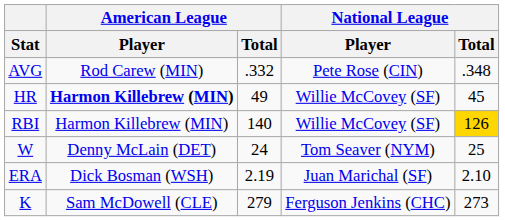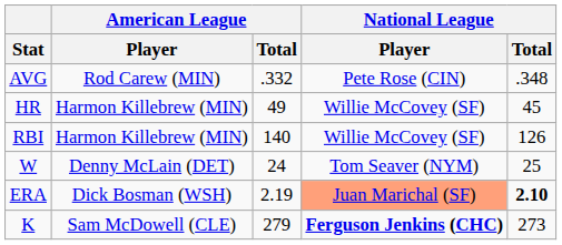 <table class="wikitable" style="text-align:center;">
 <tr>
 <th></th>
 <th colspan="2"><a href='#'>American League</a></th>
 <th colspan="2"><a href='#'>National League</a></th>
 </tr>
 <tr>
 <th>Stat</th>
 <th>Player</th>
 <th>Total</th>
 <th>Player</th>
 <th>Total</th>
 </tr>
 <tr>
 <td><a href='#'>AVG</a></td>
 <td><a href='#'>Rod Carew</a> (<a href='#'>MIN</a>)</td>
 <td>.332</td>
 <td><a href='#'>Pete Rose</a> (<a href='#'>CIN</a>)</td>
 <td>.348</td>
 </tr>
 <tr>
 <td><a href='#'>HR</a></td>
-<td><strong><a href='#'>Harmon Killebrew</a> (<a href='#'>MIN</a>)</strong></td>
+<td><a href='#'>Harmon Killebrew</a> (<a href='#'>MIN</a>)</td>
 <td>49</td>
 <td><a href='#'>Willie McCovey</a> (<a href='#'>SF</a>)</td>
 <td>45</td>
 </tr>
 <tr>
 <td><a href='#'>RBI</a></td>
 <td><a href='#'>Harmon Killebrew</a> (<a href='#'>MIN</a>)</td>
 <td>140</td>
 <td><a href='#'>Willie McCovey</a> (<a href='#'>SF</a>)</td>
-<td style="background: gold;">126</td>
+<td>126</td>
 </tr>
 <tr>
 <td><a href='#'>W</a></td>
 <td><a href='#'>Denny McLain</a> (<a href='#'>DET</a>)</td>
 <td>24</td>
 <td><a href='#'>Tom Seaver</a> (<a href='#'>NYM</a>)</td>
 <td>25</td>
 </tr>
 <tr>
 <td><a href='#'>ERA</a></td>
 <td><a href='#'>Dick Bosman</a> (<a href='#'>WSH</a>)</td>
 <td>2.19</td>
-<td><a href='#'>Juan Marichal</a> (<a href='#'>SF</a>)</td>
-<td>2.10</td>
+<td style="background: lightsalmon;"><a href='#'>Juan Marichal</a> (<a href='#'>SF</a>)</td>
+<td><strong>2.10</strong></td>
 </tr>
 <tr>
 <td><a href='#'>K</a></td>
 <td><a href='#'>Sam McDowell</a> (<a href='#'>CLE</a>)</td>
 <td>279</td>
-<td><a href='#'>Ferguson Jenkins</a> (<a href='#'>CHC</a>)</td>
+<td><strong><a href='#'>Ferguson Jenkins</a> (<a href='#'>CHC</a>)</strong></td>
 <td>273</td>
 </tr>
 </table>
